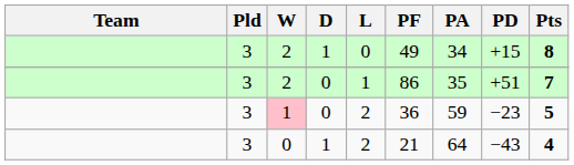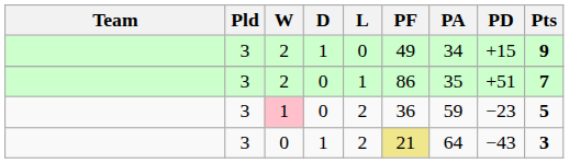 <table class="wikitable" style="text-align:center;">
 <tr>
 <th width=175>Team</th>
 <th width=25 abbr="Played">Pld</th>
 <th width=25 abbr="Won">W</th>
 <th width=25 abbr="Drawn">D</th>
 <th width=25 abbr="Lost">L</th>
 <th width=32 abbr="Points for">PF</th>
 <th width=32 abbr="Points against">PA</th>
 <th width=32 abbr="Points difference">PD</th>
 <th width=25 abbr="Points">Pts</th>
 </tr>
 <tr bgcolor=ccffcc>
 <td align=left></td>
 <td>3</td>
 <td>2</td>
 <td>1</td>
 <td>0</td>
 <td>49</td>
 <td>34</td>
 <td>+15</td>
-<td><strong>8</strong></td>
+<td><strong>9</strong></td>
 </tr>
 <tr>
 </tr>
 <tr bgcolor=ccffcc>
 <td align=left></td>
 <td>3</td>
 <td>2</td>
 <td>0</td>
 <td>1</td>
 <td>86</td>
 <td>35</td>
 <td>+51</td>
 <td><strong>7</strong></td>
 </tr>
 <tr>
 <td align=left></td>
 <td>3</td>
 <td style="background: pink;">1</td>
 <td>0</td>
 <td>2</td>
 <td>36</td>
 <td>59</td>
 <td>−23</td>
 <td><strong>5</strong></td>
 </tr>
 <tr>
 <td align=left></td>
 <td>3</td>
 <td>0</td>
 <td>1</td>
 <td>2</td>
-<td>21</td>
+<td style="background: khaki;">21</td>
 <td>64</td>
 <td>−43</td>
-<td><strong>4</strong></td>
+<td><strong>3</strong></td>
 </tr>
 </table>
